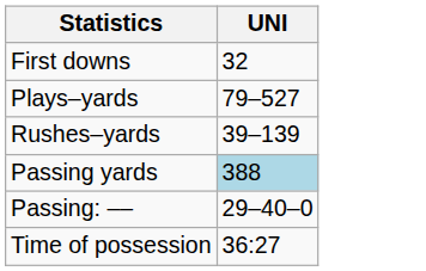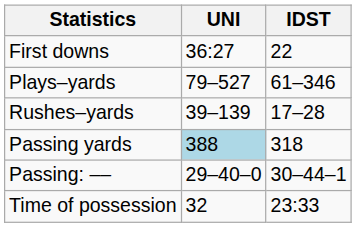 <table class="wikitable" style="float:left">
 <tr>
 <th>Statistics</th>
 <th>UNI</th>
+<th>IDST</th>
 </tr>
 <tr>
 <td>First downs</td>
-<td>32</td>
+<td>36:27</td>
+<td>22</td>
 </tr>
 <tr>
 <td>Plays–yards</td>
 <td>79–527</td>
+<td>61–346</td>
 </tr>
 <tr>
 <td>Rushes–yards</td>
 <td>39–139</td>
+<td>17–28</td>
 </tr>
 <tr>
 <td>Passing yards</td>
 <td style="background: lightblue;">388</td>
+<td>318</td>
 </tr>
 <tr>
 <td>Passing: ––</td>
 <td>29–40–0</td>
+<td>30–44–1</td>
 </tr>
 <tr>
 <td>Time of possession</td>
-<td>36:27</td>
+<td>32</td>
+<td>23:33</td>
 </tr>
 </table>
